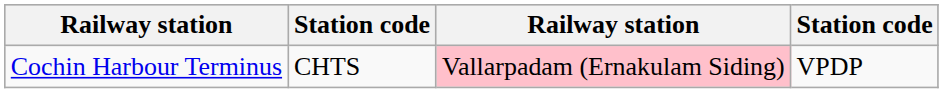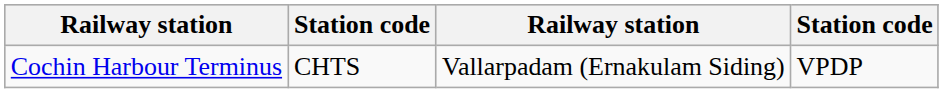 <table class="wikitable sortable">
 <tr>
 <th>Railway station</th>
 <th>Station code</th>
 <th>Railway station</th>
 <th>Station code</th>
 </tr>
 <tr>
 <td><a href='#'>Cochin Harbour Terminus</a></td>
 <td>CHTS</td>
-<td style="background: pink;">Vallarpadam (Ernakulam Siding)</td>
+<td>Vallarpadam (Ernakulam Siding)</td>
 <td>VPDP</td>
 </tr>
 </table>
